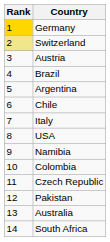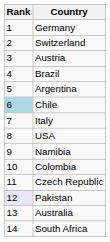 <table class="wikitable">
 <tr>
 <th>Rank</th>
 <th>Country</th>
 </tr>
 <tr>
-<td style="background: gold;">1</td>
+<td>1</td>
 <td>Germany</td>
 </tr>
 <tr>
-<td style="background: khaki;">2</td>
+<td>2</td>
 <td>Switzerland</td>
 </tr>
 <tr>
 <td>3</td>
 <td>Austria</td>
 </tr>
 <tr>
 <td>4</td>
 <td>Brazil</td>
 </tr>
 <tr>
 <td>5</td>
 <td>Argentina</td>
 </tr>
 <tr>
-<td>6</td>
+<td style="background: lightblue;">6</td>
 <td>Chile</td>
 </tr>
 <tr>
 <td>7</td>
 <td>Italy</td>
 </tr>
 <tr>
 <td>8</td>
 <td>USA</td>
 </tr>
 <tr>
 <td>9</td>
 <td>Namibia</td>
 </tr>
 <tr>
 <td>10</td>
 <td>Colombia</td>
 </tr>
 <tr>
 <td>11</td>
 <td>Czech Republic</td>
 </tr>
 <tr>
-<td>12</td>
+<td style="background: lavender;">12</td>
 <td>Pakistan</td>
 </tr>
 <tr>
 <td>13</td>
 <td>Australia</td>
 </tr>
 <tr>
 <td>14</td>
 <td>South Africa</td>
 </tr>
 </table>
